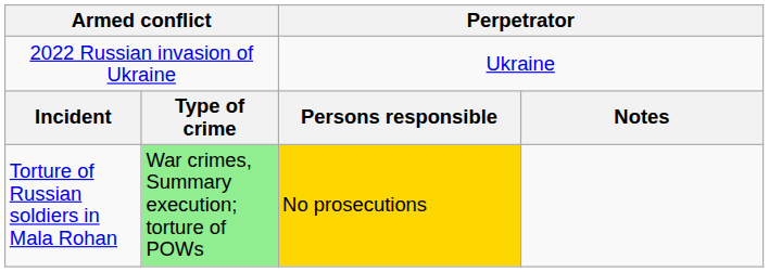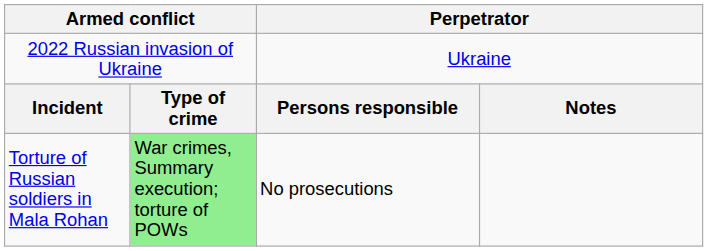 <table class="wikitable">
 <tr>
 <th colspan="2">Armed conflict</th>
 <th colspan="2">Perpetrator</th>
 </tr>
 <tr style="text-align:center;">
 <td colspan="2"><a href='#'>2022 Russian invasion of Ukraine</a></td>
 <td colspan="2"><a href='#'>Ukraine</a></td>
 </tr>
 <tr>
 <th>Incident</th>
 <th>Type of crime</th>
 <th>Persons responsible</th>
 <th>Notes</th>
 </tr>
 <tr>
 <td style="width:18%;"><a href='#'>Torture of Russian soldiers in Mala Rohan</a></td>
 <td style="background: lightgreen; width:18%;">War crimes, Summary execution; torture of POWs</td>
-<td style="background: gold; width:32%;">No prosecutions</td>
+<td style="width:32%;">No prosecutions</td>
 <td style="width:32%;"></td>
 </tr>
 </table>
